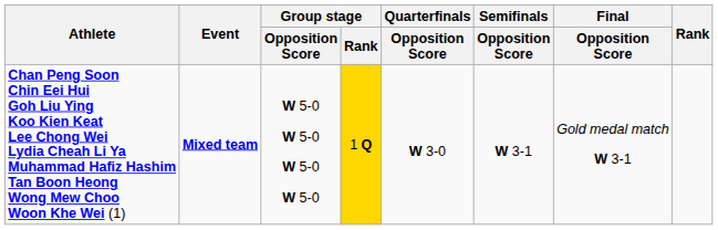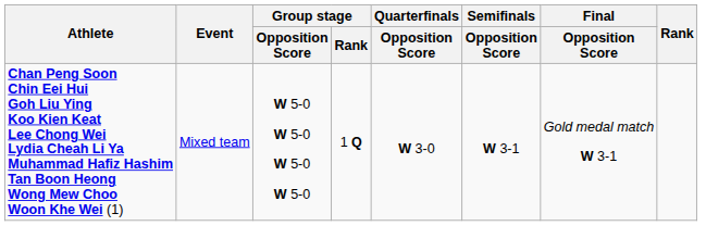 <table class=wikitable style="font-size:90%">
 <tr>
 <th rowspan=2>Athlete</th>
 <th rowspan=2>Event</th>
 <th colspan=2>Group stage</th>
 <th>Quarterfinals</th>
 <th>Semifinals</th>
 <th>Final</th>
 <th rowspan=2>Rank</th>
 </tr>
 <tr>
 <th>Opposition<br>Score</th>
 <th>Rank</th>
 <th>Opposition<br>Score</th>
 <th>Opposition<br>Score</th>
 <th>Opposition<br>Score</th>
 </tr>
 <tr align=center>
 <td align=left><strong><a href='#'>Chan Peng Soon</a><br><a href='#'>Chin Eei Hui</a><br><a href='#'>Goh Liu Ying</a><br><a href='#'>Koo Kien Keat</a><br><a href='#'>Lee Chong Wei</a><br><a href='#'>Lydia Cheah Li Ya</a><br><a href='#'>Muhammad Hafiz Hashim</a><br><a href='#'>Tan Boon Heong</a><br><a href='#'>Wong Mew Choo</a><br><a href='#'>Woon Khe Wei</a></strong> (1)</td>
-<td align=left><strong><a href='#'>Mixed team</a></strong></td>
+<td align=left><a href='#'>Mixed team</a></td>
 <td><br><strong>W</strong> 5-0<br><br><strong>W</strong> 5-0<br><br><strong>W</strong> 5-0<br><br><strong>W</strong> 5-0</td>
-<td style="background: gold;">1 <strong>Q</strong></td>
+<td>1 <strong>Q</strong></td>
 <td><br><strong>W</strong> 3-0</td>
 <td><br><strong>W</strong> 3-1</td>
 <td><em>Gold medal match</em><br><br><strong>W</strong> 3-1</td>
 <td></td>
 </tr>
 </table>
